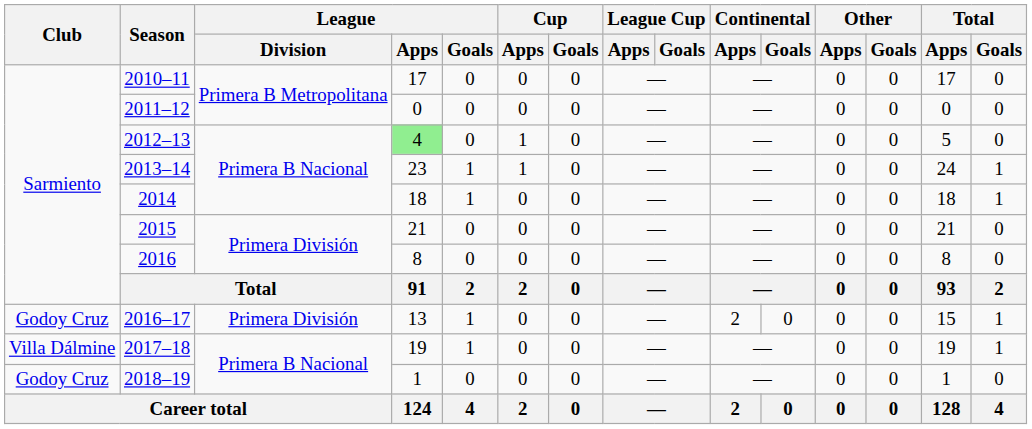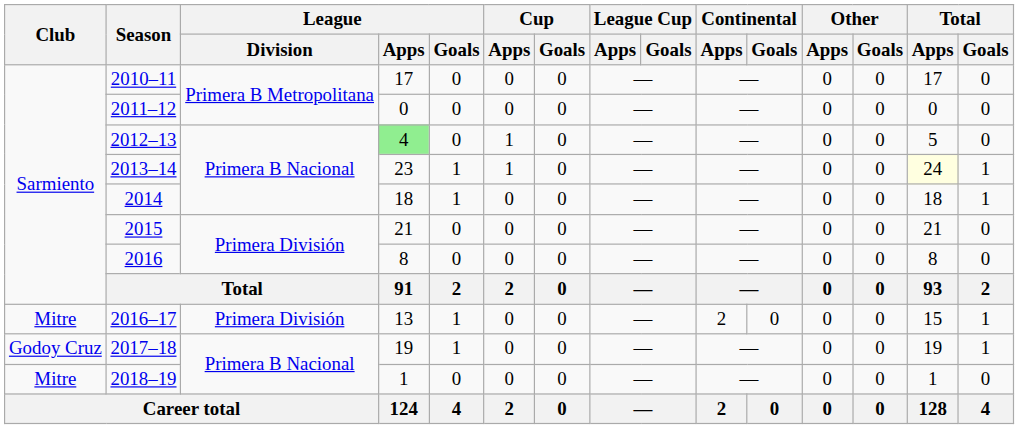 <table class="wikitable" style="text-align:center">
 <tr>
 <th rowspan="2">Club</th>
 <th rowspan="2">Season</th>
 <th colspan="3">League</th>
 <th colspan="2">Cup</th>
 <th colspan="2">League Cup</th>
 <th colspan="2">Continental</th>
 <th colspan="2">Other</th>
 <th colspan="2">Total</th>
 </tr>
 <tr>
 <th>Division</th>
 <th>Apps</th>
 <th>Goals</th>
 <th>Apps</th>
 <th>Goals</th>
 <th>Apps</th>
 <th>Goals</th>
 <th>Apps</th>
 <th>Goals</th>
 <th>Apps</th>
 <th>Goals</th>
 <th>Apps</th>
 <th>Goals</th>
 </tr>
 <tr>
 <td rowspan="8"><a href='#'>Sarmiento</a></td>
 <td><a href='#'>2010–11</a></td>
 <td rowspan="2"><a href='#'>Primera B Metropolitana</a></td>
 <td>17</td>
 <td>0</td>
 <td>0</td>
 <td>0</td>
 <td colspan="2">—</td>
 <td colspan="2">—</td>
 <td>0</td>
 <td>0</td>
 <td>17</td>
 <td>0</td>
 </tr>
 <tr>
 <td><a href='#'>2011–12</a></td>
 <td>0</td>
 <td>0</td>
 <td>0</td>
 <td>0</td>
 <td colspan="2">—</td>
 <td colspan="2">—</td>
 <td>0</td>
 <td>0</td>
 <td>0</td>
 <td>0</td>
 </tr>
 <tr>
 <td><a href='#'>2012–13</a></td>
 <td rowspan="3"><a href='#'>Primera B Nacional</a></td>
 <td style="background: lightgreen;">4</td>
 <td>0</td>
 <td>1</td>
 <td>0</td>
 <td colspan="2">—</td>
 <td colspan="2">—</td>
 <td>0</td>
 <td>0</td>
 <td>5</td>
 <td>0</td>
 </tr>
 <tr>
 <td><a href='#'>2013–14</a></td>
 <td>23</td>
 <td>1</td>
 <td>1</td>
 <td>0</td>
 <td colspan="2">—</td>
 <td colspan="2">—</td>
 <td>0</td>
 <td>0</td>
-<td>24</td>
+<td style="background: lightyellow;">24</td>
 <td>1</td>
 </tr>
 <tr>
 <td><a href='#'>2014</a></td>
 <td>18</td>
 <td>1</td>
 <td>0</td>
 <td>0</td>
 <td colspan="2">—</td>
 <td colspan="2">—</td>
 <td>0</td>
 <td>0</td>
 <td>18</td>
 <td>1</td>
 </tr>
 <tr>
 <td><a href='#'>2015</a></td>
 <td rowspan="2"><a href='#'>Primera División</a></td>
 <td>21</td>
 <td>0</td>
 <td>0</td>
 <td>0</td>
 <td colspan="2">—</td>
 <td colspan="2">—</td>
 <td>0</td>
 <td>0</td>
 <td>21</td>
 <td>0</td>
 </tr>
 <tr>
 <td><a href='#'>2016</a></td>
 <td>8</td>
 <td>0</td>
 <td>0</td>
 <td>0</td>
 <td colspan="2">—</td>
 <td colspan="2">—</td>
 <td>0</td>
 <td>0</td>
 <td>8</td>
 <td>0</td>
 </tr>
 <tr>
 <th colspan="2">Total</th>
 <th>91</th>
 <th>2</th>
 <th>2</th>
 <th>0</th>
 <th colspan="2">—</th>
 <th colspan="2">—</th>
 <th>0</th>
 <th>0</th>
 <th>93</th>
 <th>2</th>
 </tr>
 <tr>
-<td rowspan="1"><a href='#'>Godoy Cruz</a></td>
+<td rowspan="1"><a href='#'>Mitre</a></td>
 <td><a href='#'>2016–17</a></td>
 <td rowspan="1"><a href='#'>Primera División</a></td>
 <td>13</td>
 <td>1</td>
 <td>0</td>
 <td>0</td>
 <td colspan="2">—</td>
 <td>2</td>
 <td>0</td>
 <td>0</td>
 <td>0</td>
 <td>15</td>
 <td>1</td>
 </tr>
 <tr>
-<td rowspan="1"><a href='#'>Villa Dálmine</a></td>
+<td rowspan="1"><a href='#'>Godoy Cruz</a></td>
 <td><a href='#'>2017–18</a></td>
 <td rowspan="2"><a href='#'>Primera B Nacional</a></td>
 <td>19</td>
 <td>1</td>
 <td>0</td>
 <td>0</td>
 <td colspan="2">—</td>
 <td colspan="2">—</td>
 <td>0</td>
 <td>0</td>
 <td>19</td>
 <td>1</td>
 </tr>
 <tr>
-<td rowspan="1"><a href='#'>Godoy Cruz</a></td>
+<td rowspan="1"><a href='#'>Mitre</a></td>
 <td><a href='#'>2018–19</a></td>
 <td>1</td>
 <td>0</td>
 <td>0</td>
 <td>0</td>
 <td colspan="2">—</td>
 <td colspan="2">—</td>
 <td>0</td>
 <td>0</td>
 <td>1</td>
 <td>0</td>
 </tr>
 <tr>
 <th colspan="3">Career total</th>
 <th>124</th>
 <th>4</th>
 <th>2</th>
 <th>0</th>
 <th colspan="2">—</th>
 <th>2</th>
 <th>0</th>
 <th>0</th>
 <th>0</th>
 <th>128</th>
 <th>4</th>
 </tr>
 </table>
